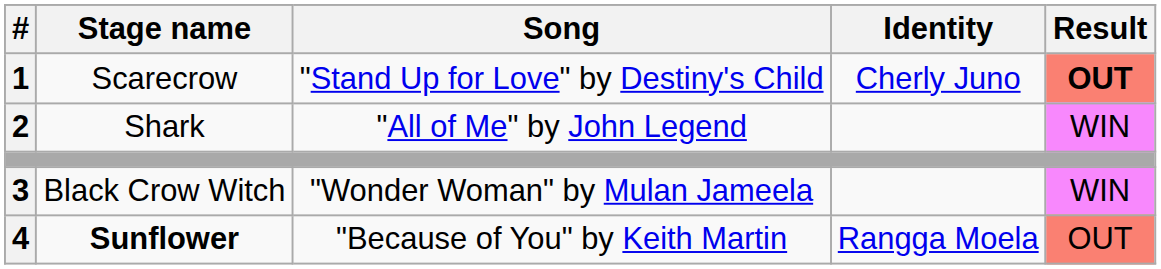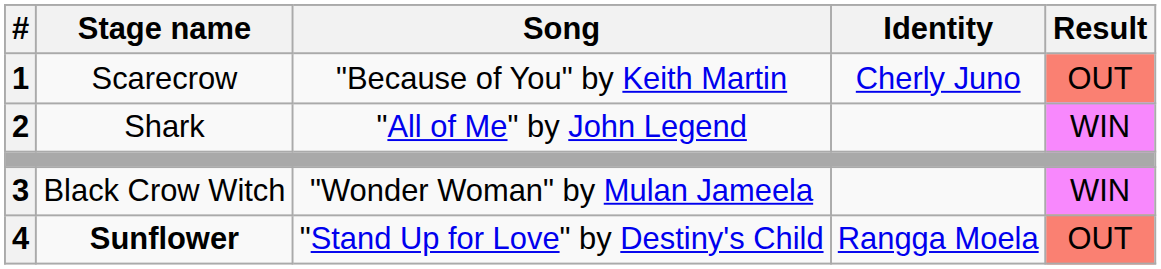 <table class="wikitable plainrowheaders" style="text-align: center;">
 <tr>
 <th>#</th>
 <th>Stage name</th>
 <th>Song</th>
 <th>Identity</th>
 <th>Result</th>
 </tr>
 <tr>
 <th>1</th>
 <td>Scarecrow</td>
-<td>"<a href='#'>Stand Up for Love</a>" by <a href='#'>Destiny's Child</a></td>
+<td>"Because of You" by <a href='#'>Keith Martin</a></td>
 <td><a href='#'>Cherly Juno</a></td>
-<td bgcolor="salmon"><strong>OUT</strong></td>
+<td bgcolor="salmon">OUT</td>
 </tr>
 <tr>
 <th>2</th>
 <td>Shark</td>
 <td>"<a href='#'>All of Me</a>" by <a href='#'>John Legend</a></td>
 <td></td>
 <td bgcolor="F888FD">WIN</td>
 </tr>
 <tr>
 <th colspan="5" style="background:darkgrey"></th>
 </tr>
 <tr>
 <th>3</th>
 <td>Black Crow Witch</td>
 <td>"Wonder Woman" by <a href='#'>Mulan Jameela</a></td>
 <td></td>
 <td bgcolor="F888FD">WIN</td>
 </tr>
 <tr>
 <th>4</th>
 <td><strong>Sunflower</strong></td>
-<td>"Because of You" by <a href='#'>Keith Martin</a></td>
+<td>"<a href='#'>Stand Up for Love</a>" by <a href='#'>Destiny's Child</a></td>
 <td><a href='#'>Rangga Moela</a></td>
 <td bgcolor="salmon">OUT</td>
 </tr>
 </table>
